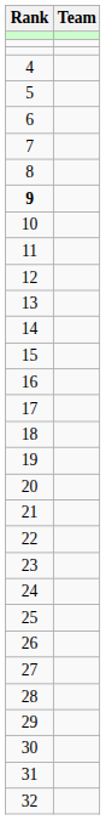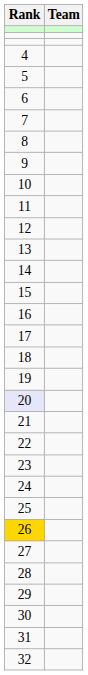 <table class="wikitable">
 <tr>
 <th style="width: 40px;">Rank</th>
 <th>Team</th>
 </tr>
 <tr style="background: #CCFFCC;">
 <td style="text-align: center;"></td>
 <td></td>
 </tr>
 <tr>
 <td style="text-align: center;"></td>
 <td></td>
 </tr>
 <tr>
 <td style="text-align: center;"></td>
 <td></td>
 </tr>
 <tr>
 <td style="text-align: center;">4</td>
 <td></td>
 </tr>
 <tr>
 <td style="text-align: center;">5</td>
 <td></td>
 </tr>
 <tr>
 <td style="text-align: center;">6</td>
 <td></td>
 </tr>
 <tr>
 <td style="text-align: center;">7</td>
 <td></td>
 </tr>
 <tr>
 <td style="text-align: center;">8</td>
 <td></td>
 </tr>
 <tr>
-<td style="text-align: center;"><strong>9</strong></td>
+<td style="text-align: center;">9</td>
 <td></td>
 </tr>
 <tr>
 <td style="text-align: center;">10</td>
 <td></td>
 </tr>
 <tr>
 <td style="text-align: center;">11</td>
 <td></td>
 </tr>
 <tr>
 <td style="text-align: center;">12</td>
 <td></td>
 </tr>
 <tr>
 <td style="text-align: center;">13</td>
 <td></td>
 </tr>
 <tr>
 <td style="text-align: center;">14</td>
 <td></td>
 </tr>
 <tr>
 <td style="text-align: center;">15</td>
 <td></td>
 </tr>
 <tr>
 <td style="text-align: center;">16</td>
 <td></td>
 </tr>
 <tr>
 <td style="text-align: center;">17</td>
 <td></td>
 </tr>
 <tr>
 <td style="text-align: center;">18</td>
 <td></td>
 </tr>
 <tr>
 <td style="text-align: center;">19</td>
 <td></td>
 </tr>
 <tr>
-<td style="text-align: center;">20</td>
+<td style="background: lavender; text-align: center;">20</td>
 <td></td>
 </tr>
 <tr>
 <td style="text-align: center;">21</td>
 <td></td>
 </tr>
 <tr>
 <td style="text-align: center;">22</td>
 <td></td>
 </tr>
 <tr>
 <td style="text-align: center;">23</td>
 <td></td>
 </tr>
 <tr>
 <td style="text-align: center;">24</td>
 <td></td>
 </tr>
 <tr>
 <td style="text-align: center;">25</td>
 <td></td>
 </tr>
 <tr>
-<td style="text-align: center;">26</td>
+<td style="background: gold; text-align: center;">26</td>
 <td></td>
 </tr>
 <tr>
 <td style="text-align: center;">27</td>
 <td></td>
 </tr>
 <tr>
 <td style="text-align: center;">28</td>
 <td></td>
 </tr>
 <tr>
 <td style="text-align: center;">29</td>
 <td></td>
 </tr>
 <tr>
 <td style="text-align: center;">30</td>
 <td></td>
 </tr>
 <tr>
 <td style="text-align: center;">31</td>
 <td></td>
 </tr>
 <tr>
 <td style="text-align: center;">32</td>
 <td></td>
 </tr>
 </table>
